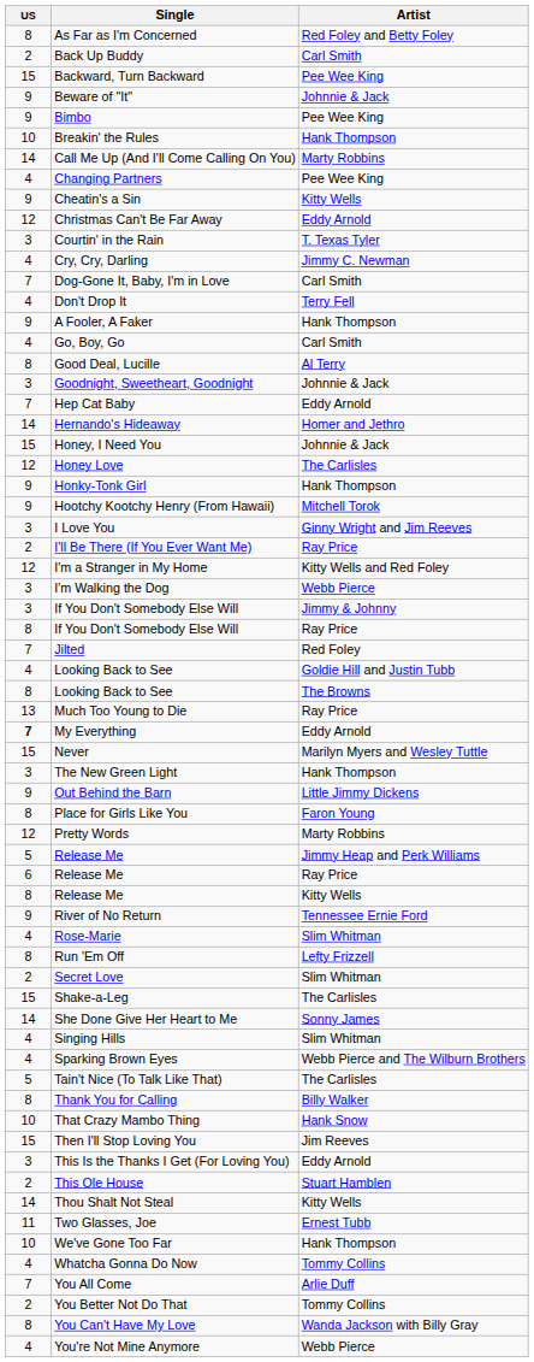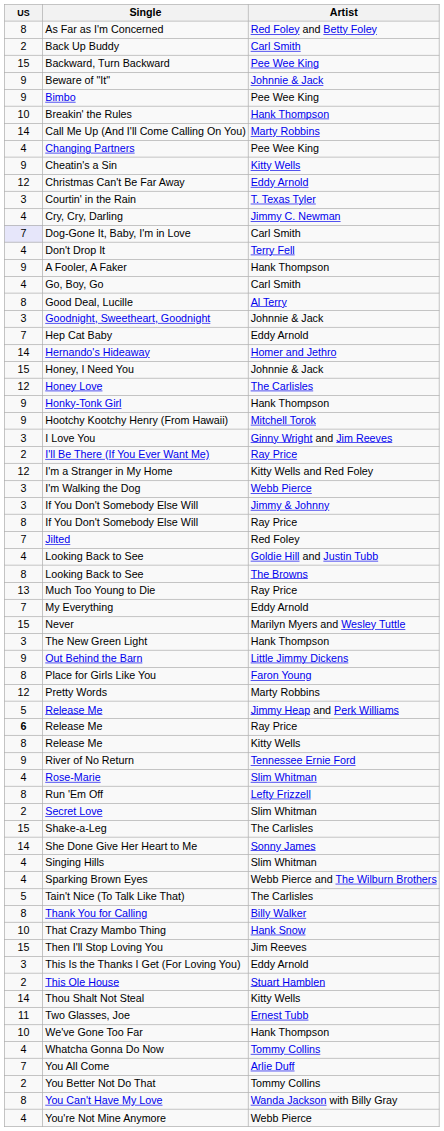 <table class="wikitable sortable">
 <tr>
 <th width="50"><small>US</small></th>
 <th>Single</th>
 <th>Artist</th>
 </tr>
 <tr>
 <td align="center">8</td>
 <td>As Far as I'm Concerned</td>
 <td><a href='#'>Red Foley</a> and <a href='#'>Betty Foley</a></td>
 </tr>
 <tr>
 <td align="center">2</td>
 <td>Back Up Buddy</td>
 <td><a href='#'>Carl Smith</a></td>
 </tr>
 <tr>
 <td align="center">15</td>
 <td>Backward, Turn Backward</td>
 <td><a href='#'>Pee Wee King</a></td>
 </tr>
 <tr>
 <td align="center">9</td>
 <td>Beware of "It"</td>
 <td><a href='#'>Johnnie & Jack</a></td>
 </tr>
 <tr>
 <td align="center">9</td>
 <td><a href='#'>Bimbo</a></td>
 <td>Pee Wee King</td>
 </tr>
 <tr>
 <td align="center">10</td>
 <td>Breakin' the Rules</td>
 <td><a href='#'>Hank Thompson</a></td>
 </tr>
 <tr>
 <td align="center">14</td>
 <td>Call Me Up (And I'll Come Calling On You)</td>
 <td><a href='#'>Marty Robbins</a></td>
 </tr>
 <tr>
 <td align="center">4</td>
 <td><a href='#'>Changing Partners</a></td>
 <td>Pee Wee King</td>
 </tr>
 <tr>
 <td align="center">9</td>
 <td>Cheatin's a Sin</td>
 <td><a href='#'>Kitty Wells</a></td>
 </tr>
 <tr>
 <td align="center">12</td>
 <td>Christmas Can't Be Far Away</td>
 <td><a href='#'>Eddy Arnold</a></td>
 </tr>
 <tr>
 <td align="center">3</td>
 <td>Courtin' in the Rain</td>
 <td><a href='#'>T. Texas Tyler</a></td>
 </tr>
 <tr>
 <td align="center">4</td>
 <td>Cry, Cry, Darling</td>
 <td><a href='#'>Jimmy C. Newman</a></td>
 </tr>
 <tr>
-<td align="center">7</td>
+<td align="center" style="background: lavender;">7</td>
 <td>Dog-Gone It, Baby, I'm in Love</td>
 <td>Carl Smith</td>
 </tr>
 <tr>
 <td align="center">4</td>
 <td>Don't Drop It</td>
 <td><a href='#'>Terry Fell</a></td>
 </tr>
 <tr>
 <td align="center">9</td>
 <td>A Fooler, A Faker</td>
 <td>Hank Thompson</td>
 </tr>
 <tr>
 <td align="center">4</td>
 <td>Go, Boy, Go</td>
 <td>Carl Smith</td>
 </tr>
 <tr>
 <td align="center">8</td>
 <td>Good Deal, Lucille</td>
 <td><a href='#'>Al Terry</a></td>
 </tr>
 <tr>
 <td align="center">3</td>
 <td><a href='#'>Goodnight, Sweetheart, Goodnight</a></td>
 <td>Johnnie & Jack</td>
 </tr>
 <tr>
 <td align="center">7</td>
 <td>Hep Cat Baby</td>
 <td>Eddy Arnold</td>
 </tr>
 <tr>
 <td align="center">14</td>
 <td><a href='#'>Hernando's Hideaway</a></td>
 <td><a href='#'>Homer and Jethro</a></td>
 </tr>
 <tr>
 <td align="center">15</td>
 <td>Honey, I Need You</td>
 <td>Johnnie & Jack</td>
 </tr>
 <tr>
 <td align="center">12</td>
 <td><a href='#'>Honey Love</a></td>
 <td><a href='#'>The Carlisles</a></td>
 </tr>
 <tr>
 <td align="center">9</td>
 <td><a href='#'>Honky-Tonk Girl</a></td>
 <td>Hank Thompson</td>
 </tr>
 <tr>
 <td align="center">9</td>
 <td>Hootchy Kootchy Henry (From Hawaii)</td>
 <td><a href='#'>Mitchell Torok</a></td>
 </tr>
 <tr>
 <td align="center">3</td>
 <td>I Love You</td>
 <td><a href='#'>Ginny Wright</a> and <a href='#'>Jim Reeves</a></td>
 </tr>
 <tr>
 <td align="center">2</td>
 <td><a href='#'>I'll Be There (If You Ever Want Me)</a></td>
 <td><a href='#'>Ray Price</a></td>
 </tr>
 <tr>
 <td align="center">12</td>
 <td>I'm a Stranger in My Home</td>
 <td>Kitty Wells and Red Foley</td>
 </tr>
 <tr>
 <td align="center">3</td>
 <td>I'm Walking the Dog</td>
 <td><a href='#'>Webb Pierce</a></td>
 </tr>
 <tr>
 <td align="center">3</td>
 <td>If You Don't Somebody Else Will</td>
 <td><a href='#'>Jimmy & Johnny</a></td>
 </tr>
 <tr>
 <td align="center">8</td>
 <td>If You Don't Somebody Else Will</td>
 <td>Ray Price</td>
 </tr>
 <tr>
 <td align="center">7</td>
 <td><a href='#'>Jilted</a></td>
 <td>Red Foley</td>
 </tr>
 <tr>
 <td align="center">4</td>
 <td>Looking Back to See</td>
 <td><a href='#'>Goldie Hill</a> and <a href='#'>Justin Tubb</a></td>
 </tr>
 <tr>
 <td align="center">8</td>
 <td>Looking Back to See</td>
 <td><a href='#'>The Browns</a></td>
 </tr>
 <tr>
 <td align="center">13</td>
 <td>Much Too Young to Die</td>
 <td>Ray Price</td>
 </tr>
 <tr>
-<td align="center"><strong>7</strong></td>
+<td align="center">7</td>
 <td>My Everything</td>
 <td>Eddy Arnold</td>
 </tr>
 <tr>
 <td align="center">15</td>
 <td>Never</td>
 <td>Marilyn Myers and <a href='#'>Wesley Tuttle</a></td>
 </tr>
 <tr>
 <td align="center">3</td>
 <td>The New Green Light</td>
 <td>Hank Thompson</td>
 </tr>
 <tr>
 <td align="center">9</td>
 <td><a href='#'>Out Behind the Barn</a></td>
 <td><a href='#'>Little Jimmy Dickens</a></td>
 </tr>
 <tr>
 <td align="center">8</td>
 <td>Place for Girls Like You</td>
 <td><a href='#'>Faron Young</a></td>
 </tr>
 <tr>
 <td align="center">12</td>
 <td>Pretty Words</td>
 <td>Marty Robbins</td>
 </tr>
 <tr>
 <td align="center">5</td>
 <td><a href='#'>Release Me</a></td>
 <td><a href='#'>Jimmy Heap</a> and <a href='#'>Perk Williams</a></td>
 </tr>
 <tr>
-<td align="center">6</td>
+<td align="center"><strong>6</strong></td>
 <td>Release Me</td>
 <td>Ray Price</td>
 </tr>
 <tr>
 <td align="center">8</td>
 <td>Release Me</td>
 <td>Kitty Wells</td>
 </tr>
 <tr>
 <td align="center">9</td>
 <td>River of No Return</td>
 <td><a href='#'>Tennessee Ernie Ford</a></td>
 </tr>
 <tr>
 <td align="center">4</td>
 <td><a href='#'>Rose-Marie</a></td>
 <td><a href='#'>Slim Whitman</a></td>
 </tr>
 <tr>
 <td align="center">8</td>
 <td>Run 'Em Off</td>
 <td><a href='#'>Lefty Frizzell</a></td>
 </tr>
 <tr>
 <td align="center">2</td>
 <td><a href='#'>Secret Love</a></td>
 <td>Slim Whitman</td>
 </tr>
 <tr>
 <td align="center">15</td>
 <td>Shake-a-Leg</td>
 <td>The Carlisles</td>
 </tr>
 <tr>
 <td align="center">14</td>
 <td>She Done Give Her Heart to Me</td>
 <td><a href='#'>Sonny James</a></td>
 </tr>
 <tr>
 <td align="center">4</td>
 <td>Singing Hills</td>
 <td>Slim Whitman</td>
 </tr>
 <tr>
 <td align="center">4</td>
 <td>Sparking Brown Eyes</td>
 <td>Webb Pierce and <a href='#'>The Wilburn Brothers</a></td>
 </tr>
 <tr>
 <td align="center">5</td>
 <td>Tain't Nice (To Talk Like That)</td>
 <td>The Carlisles</td>
 </tr>
 <tr>
 <td align="center">8</td>
 <td><a href='#'>Thank You for Calling</a></td>
 <td><a href='#'>Billy Walker</a></td>
 </tr>
 <tr>
 <td align="center">10</td>
 <td>That Crazy Mambo Thing</td>
 <td><a href='#'>Hank Snow</a></td>
 </tr>
 <tr>
 <td align="center">15</td>
 <td>Then I'll Stop Loving You</td>
 <td>Jim Reeves</td>
 </tr>
 <tr>
 <td align="center">3</td>
 <td>This Is the Thanks I Get (For Loving You)</td>
 <td>Eddy Arnold</td>
 </tr>
 <tr>
 <td align="center">2</td>
 <td><a href='#'>This Ole House</a></td>
 <td><a href='#'>Stuart Hamblen</a></td>
 </tr>
 <tr>
 <td align="center">14</td>
 <td>Thou Shalt Not Steal</td>
 <td>Kitty Wells</td>
 </tr>
 <tr>
 <td align="center">11</td>
 <td>Two Glasses, Joe</td>
 <td><a href='#'>Ernest Tubb</a></td>
 </tr>
 <tr>
 <td align="center">10</td>
 <td>We've Gone Too Far</td>
 <td>Hank Thompson</td>
 </tr>
 <tr>
 <td align="center">4</td>
 <td>Whatcha Gonna Do Now</td>
 <td><a href='#'>Tommy Collins</a></td>
 </tr>
 <tr>
 <td align="center">7</td>
 <td>You All Come</td>
 <td><a href='#'>Arlie Duff</a></td>
 </tr>
 <tr>
 <td align="center">2</td>
 <td>You Better Not Do That</td>
 <td>Tommy Collins</td>
 </tr>
 <tr>
 <td align="center">8</td>
 <td><a href='#'>You Can't Have My Love</a></td>
 <td><a href='#'>Wanda Jackson</a> with Billy Gray</td>
 </tr>
 <tr>
 <td align="center">4</td>
 <td>You're Not Mine Anymore</td>
 <td>Webb Pierce</td>
 </tr>
 </table>
